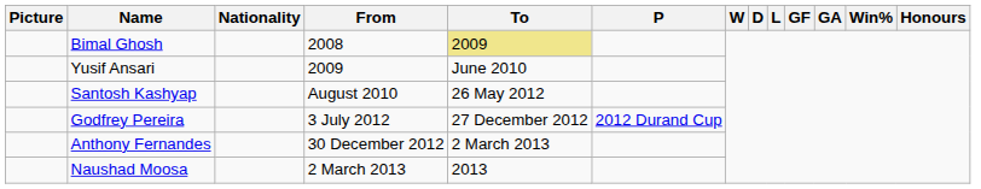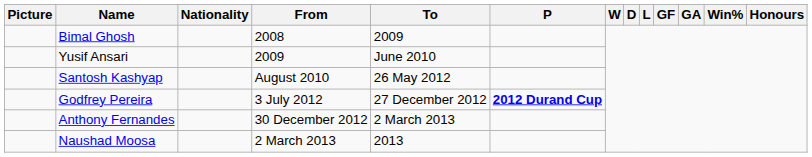 <table class="wikitable sortable" style="text-align: center">
 <tr>
 <th>Picture</th>
 <th>Name</th>
 <th>Nationality</th>
 <th>From</th>
 <th class="unsortable">To</th>
 <th>P</th>
 <th>W</th>
 <th>D</th>
 <th>L</th>
 <th>GF</th>
 <th>GA</th>
 <th>Win%</th>
 <th class="unsortable">Honours</th>
 </tr>
 <tr>
 <td></td>
 <td align=left><a href='#'>Bimal Ghosh</a></td>
 <td></td>
 <td align=left>2008</td>
-<td align=left style="background: khaki;">2009<br></td>
+<td align=left>2009<br></td>
 <td></td>
 </tr>
 <tr>
 <td></td>
 <td align=left>Yusif Ansari</td>
 <td></td>
 <td align=left>2009</td>
 <td align=left>June 2010<br></td>
 <td></td>
 </tr>
 <tr>
 <td></td>
 <td align=left><a href='#'>Santosh Kashyap</a></td>
 <td></td>
 <td align=left>August 2010</td>
 <td align=left>26 May 2012<br></td>
 <td></td>
 </tr>
 <tr>
 <td></td>
 <td align=left><a href='#'>Godfrey Pereira</a></td>
 <td></td>
 <td align=left>3 July 2012</td>
 <td align=left>27 December 2012<br></td>
-<td><a href='#'>2012 Durand Cup</a></td>
+<td><strong><a href='#'>2012 Durand Cup</a></strong></td>
 </tr>
 <tr>
 <td></td>
 <td align=left><a href='#'>Anthony Fernandes</a></td>
 <td></td>
 <td align=left>30 December 2012</td>
 <td align=left>2 March 2013<br></td>
 <td></td>
 </tr>
 <tr>
 <td></td>
 <td align=left><a href='#'>Naushad Moosa</a></td>
 <td></td>
 <td align=left>2 March 2013</td>
 <td align=left>2013<br></td>
 <td></td>
 </tr>
 </table>
